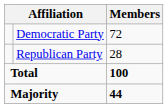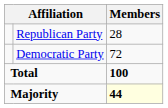 <table class="wikitable">
 <tr>
 <th colspan="2">Affiliation</th>
 <th>Members</th>
 </tr>
 <tr>
 <td style="background-color:"> </td>
-<td><a href='#'>Democratic Party</a></td>
-<td>72</td>
+<td><a href='#'>Republican Party</a></td>
+<td>28</td>
 </tr>
 <tr>
 <td style="background-color:"> </td>
-<td><a href='#'>Republican Party</a></td>
-<td>28</td>
+<td><a href='#'>Democratic Party</a></td>
+<td>72</td>
 </tr>
 <tr>
 <td colspan="2" rowspan="1"> <strong>Total</strong><br></td>
 <td><strong>100</strong></td>
 </tr>
 <tr>
 <td colspan="2" rowspan="1"> <strong>Majority</strong><br></td>
-<td><strong>44</strong></td>
+<td style="background: lightyellow;"><strong>44</strong></td>
 </tr>
 </table>
